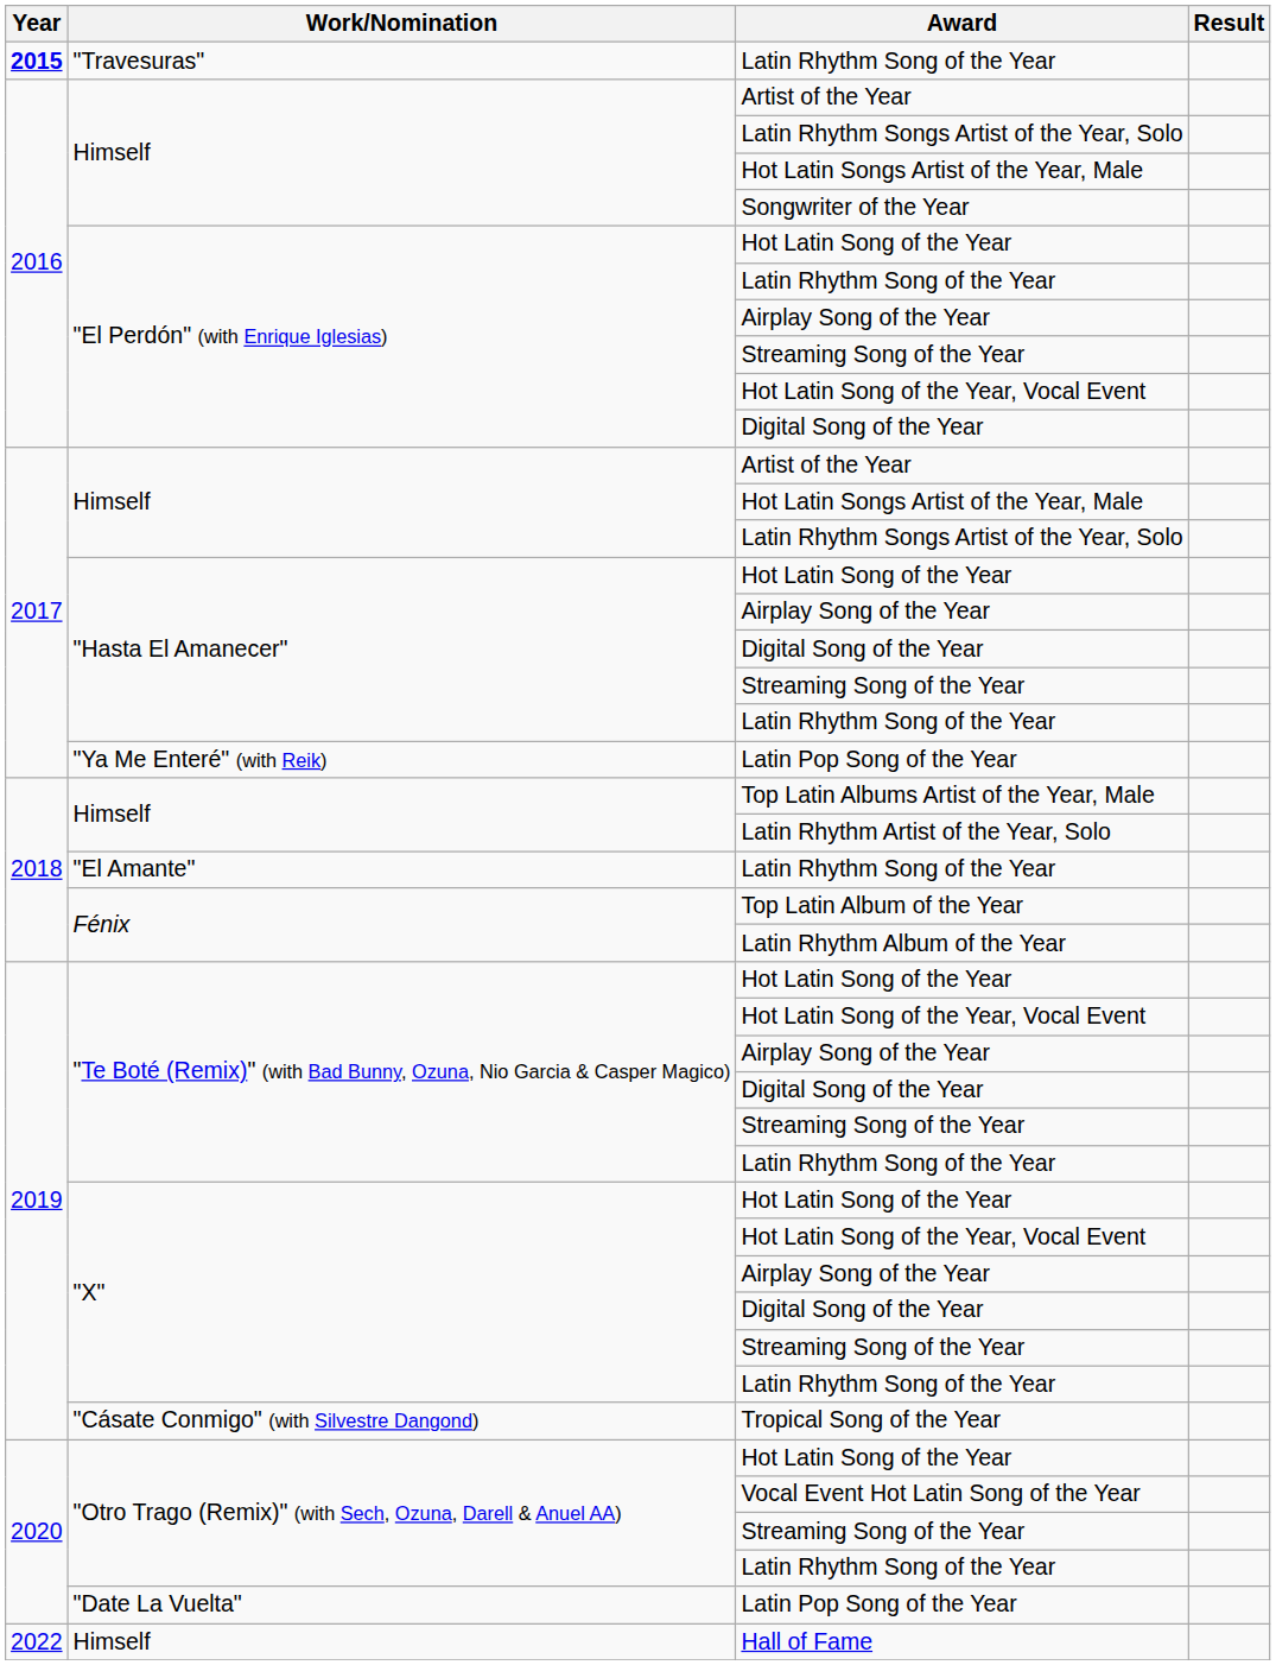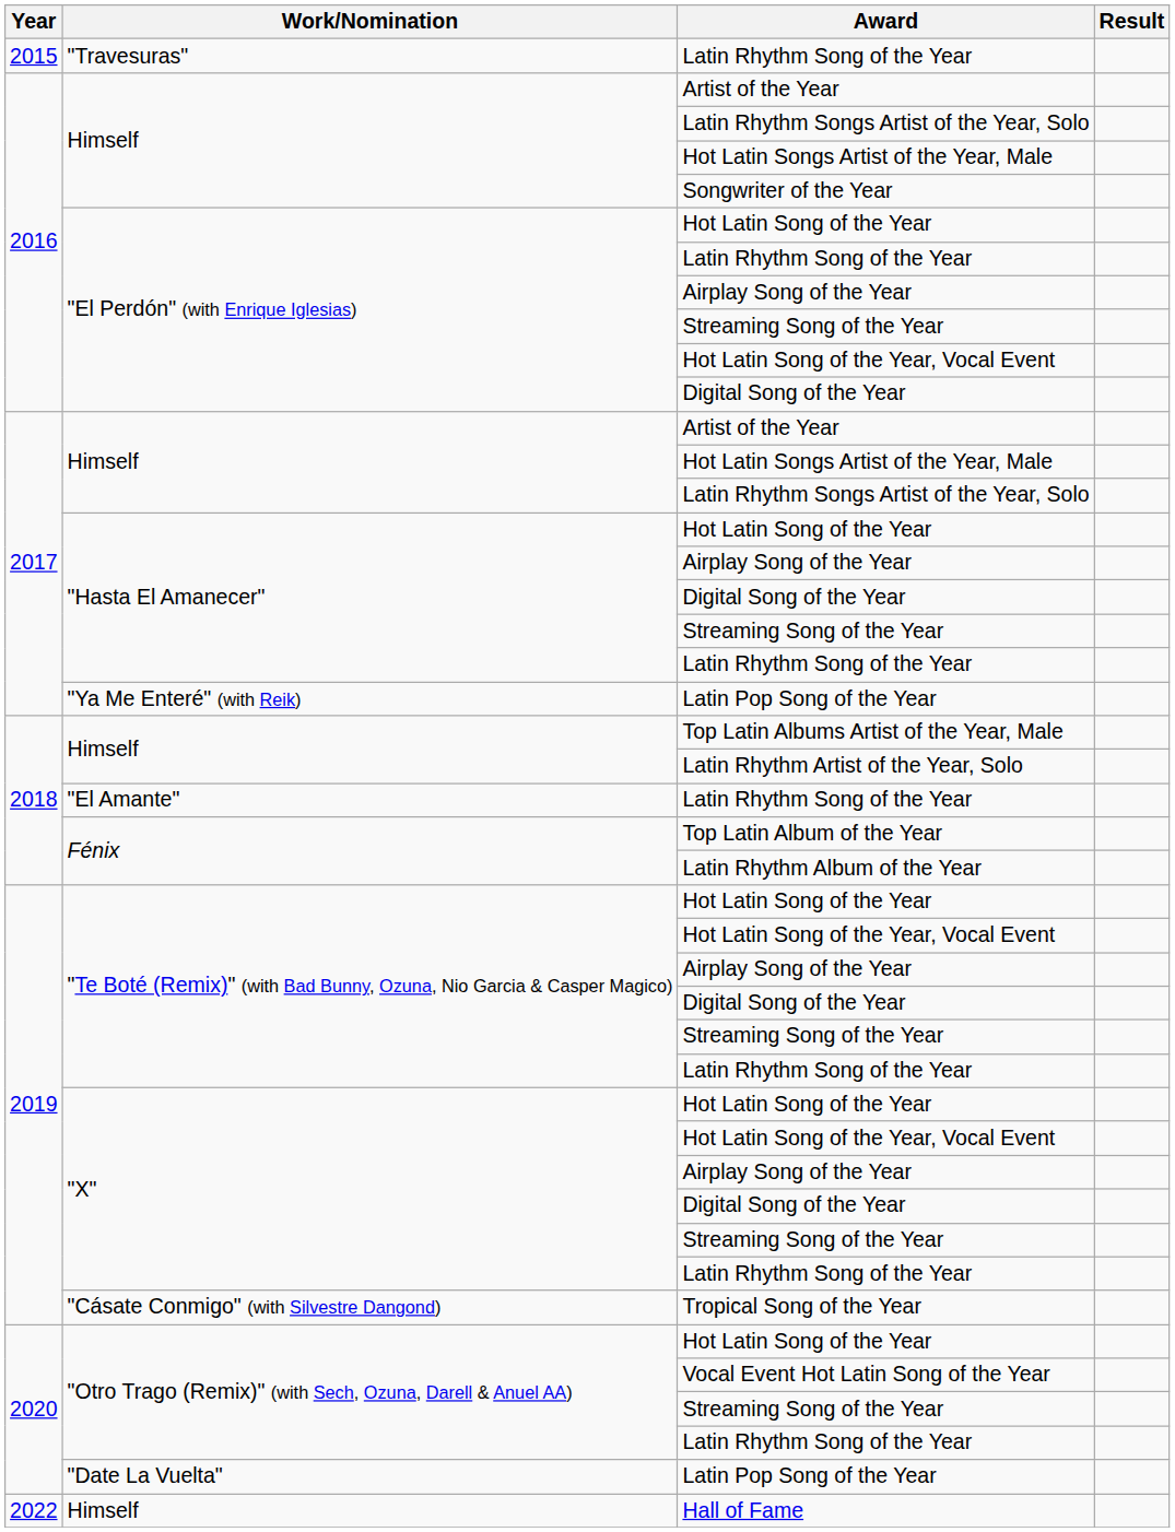 <table class="wikitable">
 <tr>
 <th>Year</th>
 <th>Work/Nomination</th>
 <th>Award</th>
 <th>Result</th>
 </tr>
 <tr>
-<td rowspan="1"><strong><a href='#'>2015</a></strong></td>
+<td rowspan="1"><a href='#'>2015</a></td>
 <td>"Travesuras"</td>
 <td>Latin Rhythm Song of the Year</td>
 <td></td>
 </tr>
 <tr>
 <td rowspan="10"><a href='#'>2016</a></td>
 <td rowspan="4">Himself</td>
 <td>Artist of the Year</td>
 <td></td>
 </tr>
 <tr>
 <td>Latin Rhythm Songs Artist of the Year, Solo</td>
 <td></td>
 </tr>
 <tr>
 <td>Hot Latin Songs Artist of the Year, Male</td>
 <td></td>
 </tr>
 <tr>
 <td>Songwriter of the Year</td>
 <td></td>
 </tr>
 <tr>
 <td rowspan="6">"El Perdón" <small>(with <a href='#'>Enrique Iglesias</a>)</small></td>
 <td>Hot Latin Song of the Year</td>
 <td></td>
 </tr>
 <tr>
 <td>Latin Rhythm Song of the Year</td>
 <td></td>
 </tr>
 <tr>
 <td>Airplay Song of the Year</td>
 <td></td>
 </tr>
 <tr>
 <td>Streaming Song of the Year</td>
 <td></td>
 </tr>
 <tr>
 <td>Hot Latin Song of the Year, Vocal Event</td>
 <td></td>
 </tr>
 <tr>
 <td>Digital Song of the Year</td>
 <td></td>
 </tr>
 <tr>
 <td rowspan="9"><a href='#'>2017</a></td>
 <td rowspan="3">Himself</td>
 <td>Artist of the Year</td>
 <td></td>
 </tr>
 <tr>
 <td>Hot Latin Songs Artist of the Year, Male</td>
 <td></td>
 </tr>
 <tr>
 <td>Latin Rhythm Songs Artist of the Year, Solo</td>
 <td></td>
 </tr>
 <tr>
 <td rowspan="5">"Hasta El Amanecer"</td>
 <td>Hot Latin Song of the Year</td>
 <td></td>
 </tr>
 <tr>
 <td>Airplay Song of the Year</td>
 <td></td>
 </tr>
 <tr>
 <td>Digital Song of the Year</td>
 <td></td>
 </tr>
 <tr>
 <td>Streaming Song of the Year</td>
 <td></td>
 </tr>
 <tr>
 <td>Latin Rhythm Song of the Year</td>
 <td></td>
 </tr>
 <tr>
 <td>"Ya Me Enteré" <small>(with <a href='#'>Reik</a>)</small></td>
 <td>Latin Pop Song of the Year</td>
 <td></td>
 </tr>
 <tr>
 <td rowspan="5"><a href='#'>2018</a></td>
 <td rowspan="2">Himself</td>
 <td>Top Latin Albums Artist of the Year, Male</td>
 <td></td>
 </tr>
 <tr>
 <td>Latin Rhythm Artist of the Year, Solo</td>
 <td></td>
 </tr>
 <tr>
 <td>"El Amante"</td>
 <td>Latin Rhythm Song of the Year</td>
 <td></td>
 </tr>
 <tr>
 <td rowspan="2"><em>Fénix</em></td>
 <td>Top Latin Album of the Year</td>
 <td></td>
 </tr>
 <tr>
 <td>Latin Rhythm Album of the Year</td>
 <td></td>
 </tr>
 <tr>
 <td rowspan="13"><a href='#'>2019</a></td>
 <td rowspan="6">"<a href='#'>Te Boté (Remix)</a>" <small>(with <a href='#'>Bad Bunny</a>, <a href='#'>Ozuna</a>, Nio Garcia & Casper Magico)</small></td>
 <td>Hot Latin Song of the Year</td>
 <td></td>
 </tr>
 <tr>
 <td>Hot Latin Song of the Year, Vocal Event</td>
 <td></td>
 </tr>
 <tr>
 <td>Airplay Song of the Year</td>
 <td></td>
 </tr>
 <tr>
 <td>Digital Song of the Year</td>
 <td></td>
 </tr>
 <tr>
 <td>Streaming Song of the Year</td>
 <td></td>
 </tr>
 <tr>
 <td>Latin Rhythm Song of the Year</td>
 <td></td>
 </tr>
 <tr>
 <td rowspan=6>"X" </td>
 <td>Hot Latin Song of the Year</td>
 <td></td>
 </tr>
 <tr>
 <td>Hot Latin Song of the Year, Vocal Event</td>
 <td></td>
 </tr>
 <tr>
 <td>Airplay Song of the Year</td>
 <td></td>
 </tr>
 <tr>
 <td>Digital Song of the Year</td>
 <td></td>
 </tr>
 <tr>
 <td>Streaming Song of the Year</td>
 <td></td>
 </tr>
 <tr>
 <td>Latin Rhythm Song of the Year</td>
 <td></td>
 </tr>
 <tr>
 <td>"Cásate Conmigo" <small>(with <a href='#'>Silvestre Dangond</a>)</small></td>
 <td>Tropical Song of the Year</td>
 <td></td>
 </tr>
 <tr>
 <td rowspan="5"><a href='#'>2020</a></td>
 <td rowspan="4">"Otro Trago (Remix)" <small>(with <a href='#'>Sech</a>, <a href='#'>Ozuna</a>, <a href='#'>Darell</a> & <a href='#'>Anuel AA</a>)</small></td>
 <td>Hot Latin Song of the Year</td>
 <td></td>
 </tr>
 <tr>
 <td>Vocal Event Hot Latin Song of the Year</td>
 <td></td>
 </tr>
 <tr>
 <td>Streaming Song of the Year</td>
 <td></td>
 </tr>
 <tr>
 <td>Latin Rhythm Song of the Year</td>
 <td></td>
 </tr>
 <tr>
 <td>"Date La Vuelta"</td>
 <td>Latin Pop Song of the Year</td>
 <td></td>
 </tr>
 <tr>
 <td><a href='#'>2022</a></td>
 <td>Himself</td>
 <td><a href='#'>Hall of Fame</a></td>
 <td></td>
 </tr>
 </table>
